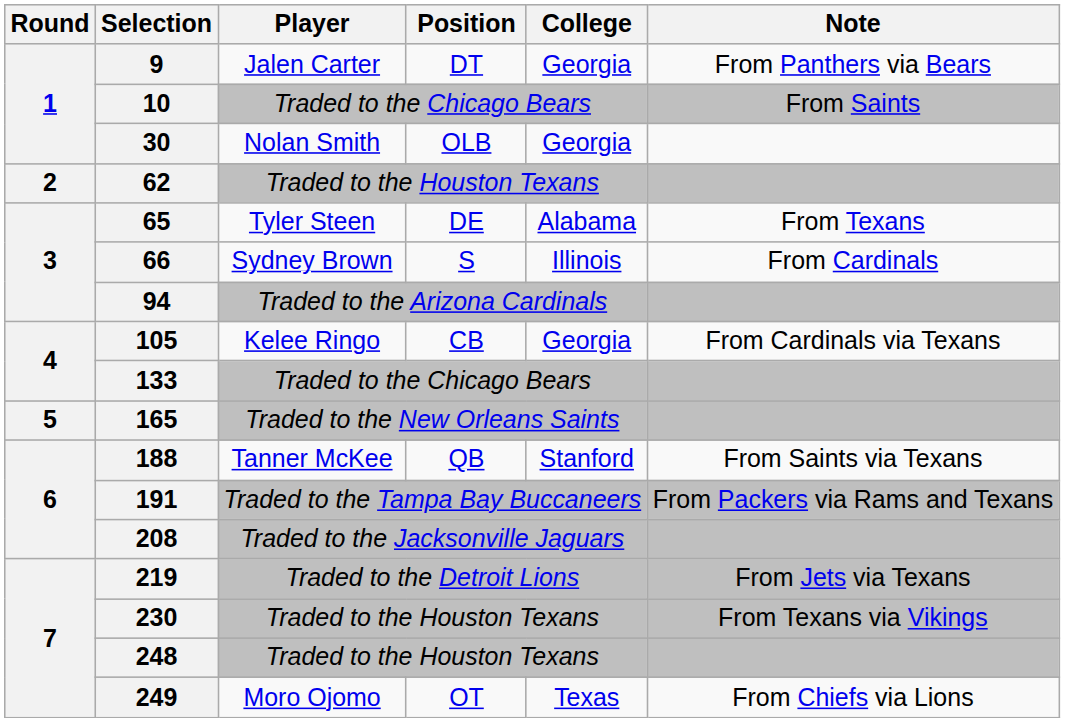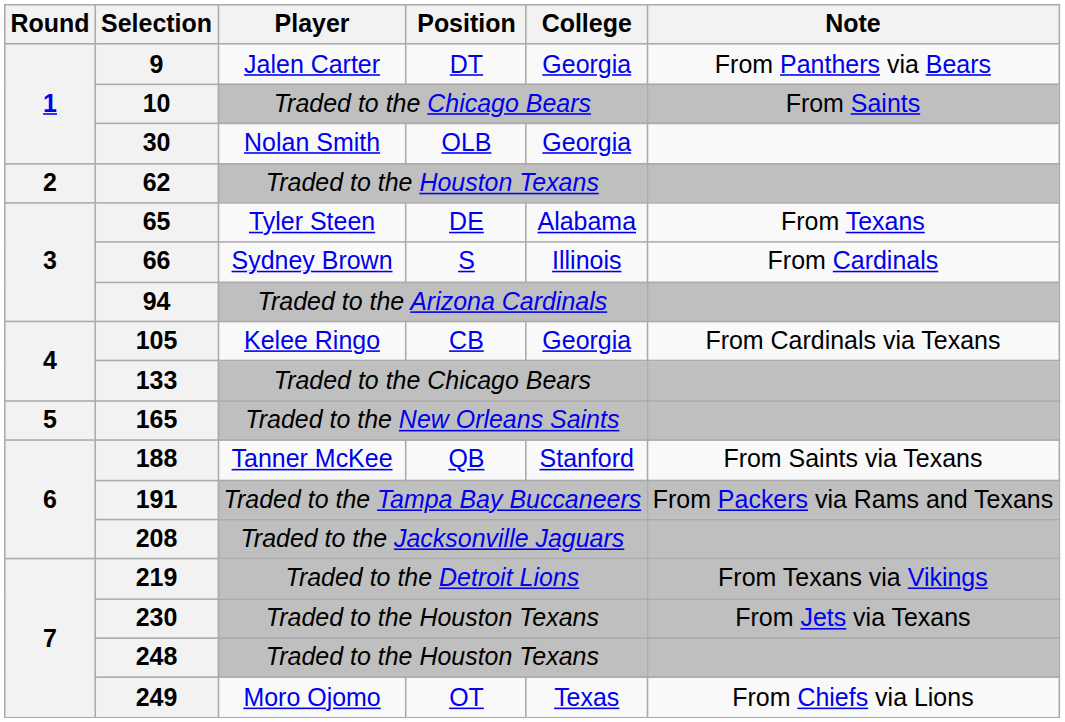 <table class="wikitable" style="text-align:center">
 <tr>
 <th>Round</th>
 <th>Selection</th>
 <th>Player</th>
 <th>Position</th>
 <th>College</th>
 <th>Note</th>
 </tr>
 <tr>
 <th rowspan="3"><a href='#'>1</a></th>
 <th>9</th>
 <td><a href='#'>Jalen Carter</a></td>
 <td><a href='#'>DT</a></td>
 <td><a href='#'>Georgia</a></td>
 <td>From <a href='#'>Panthers</a> via <a href='#'>Bears</a></td>
 </tr>
 <tr>
 <th>10</th>
 <td colspan="3" style="background:#BFBFBF"><em>Traded to the <a href='#'>Chicago Bears</a></em></td>
 <td style="background:#BFBFBF">From <a href='#'>Saints</a></td>
 </tr>
 <tr>
 <th>30</th>
 <td><a href='#'>Nolan Smith</a></td>
 <td><a href='#'>OLB</a></td>
 <td><a href='#'>Georgia</a></td>
 </tr>
 <tr>
 <th>2</th>
 <th>62</th>
 <td colspan="3" style="background:#BFBFBF"><em>Traded to the <a href='#'>Houston Texans</a></em></td>
 <td style="background:#BFBFBF"></td>
 </tr>
 <tr>
 <th rowspan="3">3</th>
 <th>65</th>
 <td><a href='#'>Tyler Steen</a></td>
 <td><a href='#'>DE</a></td>
 <td><a href='#'>Alabama</a></td>
 <td>From <a href='#'>Texans</a></td>
 </tr>
 <tr>
 <th>66</th>
 <td><a href='#'>Sydney Brown</a></td>
 <td><a href='#'>S</a></td>
 <td><a href='#'>Illinois</a></td>
 <td>From <a href='#'>Cardinals</a></td>
 </tr>
 <tr>
 <th>94</th>
 <td colspan="3" style="background:#BFBFBF"><em>Traded to the <a href='#'>Arizona Cardinals</a></em></td>
 <td style="background:#BFBFBF"></td>
 </tr>
 <tr>
 <th rowspan="2">4</th>
 <th>105</th>
 <td><a href='#'>Kelee Ringo</a></td>
 <td><a href='#'>CB</a></td>
 <td><a href='#'>Georgia</a></td>
 <td>From Cardinals via Texans</td>
 </tr>
 <tr>
 <th>133</th>
 <td colspan="3" style="background:#BFBFBF"><em>Traded to the Chicago Bears</em></td>
 <td style="background:#BFBFBF"></td>
 </tr>
 <tr>
 <th>5</th>
 <th>165</th>
 <td colspan="3" style="background:#BFBFBF"><em>Traded to the <a href='#'>New Orleans Saints</a></em></td>
 <td style="background:#BFBFBF"></td>
 </tr>
 <tr>
 <th rowspan="3">6</th>
 <th>188</th>
 <td><a href='#'>Tanner McKee</a></td>
 <td><a href='#'>QB</a></td>
 <td><a href='#'>Stanford</a></td>
 <td>From Saints via Texans</td>
 </tr>
 <tr>
 <th>191</th>
 <td colspan="3" style="background:#BFBFBF"><em>Traded to the <a href='#'>Tampa Bay Buccaneers</a></em></td>
 <td style="background:#BFBFBF">From <a href='#'>Packers</a> via Rams and Texans</td>
 </tr>
 <tr>
 <th>208</th>
 <td colspan="3" style="background:#BFBFBF"><em>Traded to the <a href='#'>Jacksonville Jaguars</a></em></td>
 <td style="background:#BFBFBF"></td>
 </tr>
 <tr>
 <th rowspan="4">7</th>
 <th>219</th>
 <td colspan="3" style="background:#BFBFBF"><em>Traded to the <a href='#'>Detroit Lions</a></em></td>
-<td style="background:#BFBFBF">From <a href='#'>Jets</a> via Texans</td>
+<td style="background:#BFBFBF">From Texans via <a href='#'>Vikings</a></td>
 </tr>
 <tr>
 <th>230</th>
 <td colspan="3" style="background:#BFBFBF"><em>Traded to the Houston Texans</em></td>
-<td style="background:#BFBFBF">From Texans via <a href='#'>Vikings</a></td>
+<td style="background:#BFBFBF">From <a href='#'>Jets</a> via Texans</td>
 </tr>
 <tr>
 <th>248</th>
 <td colspan="3" style="background:#BFBFBF"><em>Traded to the Houston Texans</em></td>
 <td style="background:#BFBFBF"></td>
 </tr>
 <tr>
 <th>249</th>
 <td><a href='#'>Moro Ojomo</a></td>
 <td><a href='#'>OT</a></td>
 <td><a href='#'>Texas</a></td>
 <td>From <a href='#'>Chiefs</a> via Lions</td>
 </tr>
 </table>
